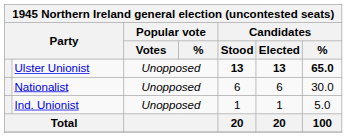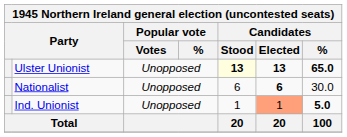 <table class="wikitable" style="font-size:95%">
 <tr>
 <th colspan="16" style="background-color:#f2f2f2">1945 Northern Ireland general election (uncontested seats)</th>
 </tr>
 <tr style="vertical-align:center;">
 <th style="width:150px;" "vertical-align:center;" rowspan="2" colspan="2">Party</th>
 <th colspan="2" style="width: 30px">Popular vote</th>
 <th colspan="3" style="width: 30px">Candidates</th>
 </tr>
 <tr>
 <th style="width:65px;">Votes</th>
 <th style="width:45px;">%</th>
 <th>Stood</th>
 <th>Elected</th>
 <th style="width:45px;">%</th>
 </tr>
 <tr>
 <th style="background-color: "></th>
 <td><a href='#'>Ulster Unionist</a></td>
 <td align="center" colspan="2"><em>Unopposed</em></td>
-<td align="center"><strong>13</strong></td>
+<td align="center" style="background: lightyellow;"><strong>13</strong></td>
 <td align="center"><strong>13</strong></td>
 <td align="center"><strong>65.0</strong></td>
 </tr>
 <tr>
 <th style="background-color: "></th>
 <td><a href='#'>Nationalist</a></td>
 <td align="center" colspan="2"><em>Unopposed</em></td>
 <td align="center">6</td>
-<td align="center">6</td>
+<td align="center"><strong>6</strong></td>
 <td align="center">30.0</td>
 </tr>
 <tr>
 <th style="background-color: "></th>
 <td><a href='#'>Ind. Unionist</a></td>
 <td align="center" colspan="2"><em>Unopposed</em></td>
 <td align="center">1</td>
-<td align="center">1</td>
-<td align="center">5.0</td>
+<td align="center" style="background: lightsalmon;">1</td>
+<td align="center"><strong>5.0</strong></td>
 </tr>
 <tr>
 <th style="width:150px;" "vertical-align:center;" colspan="2">Total</th>
 <th align="center" colspan="2"></th>
 <th align="center">20</th>
 <th align="center">20</th>
 <th align="center">100</th>
 </tr>
 <tr>
 </tr>
 </table>
